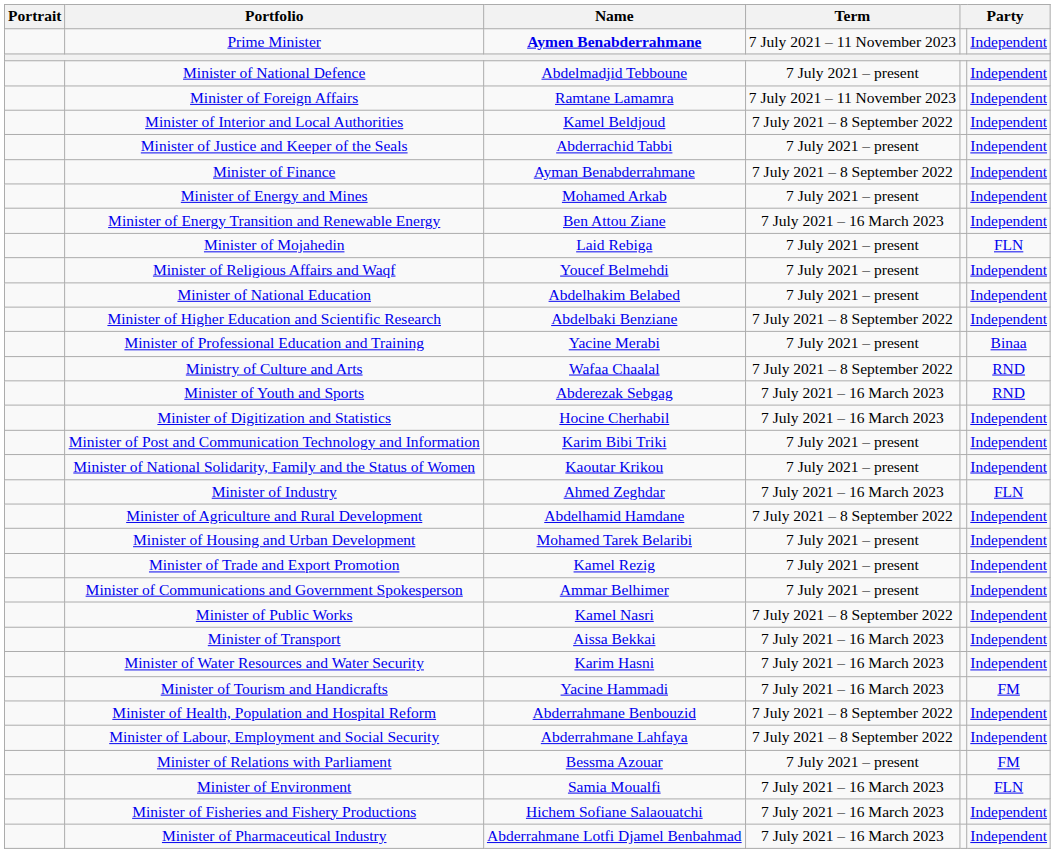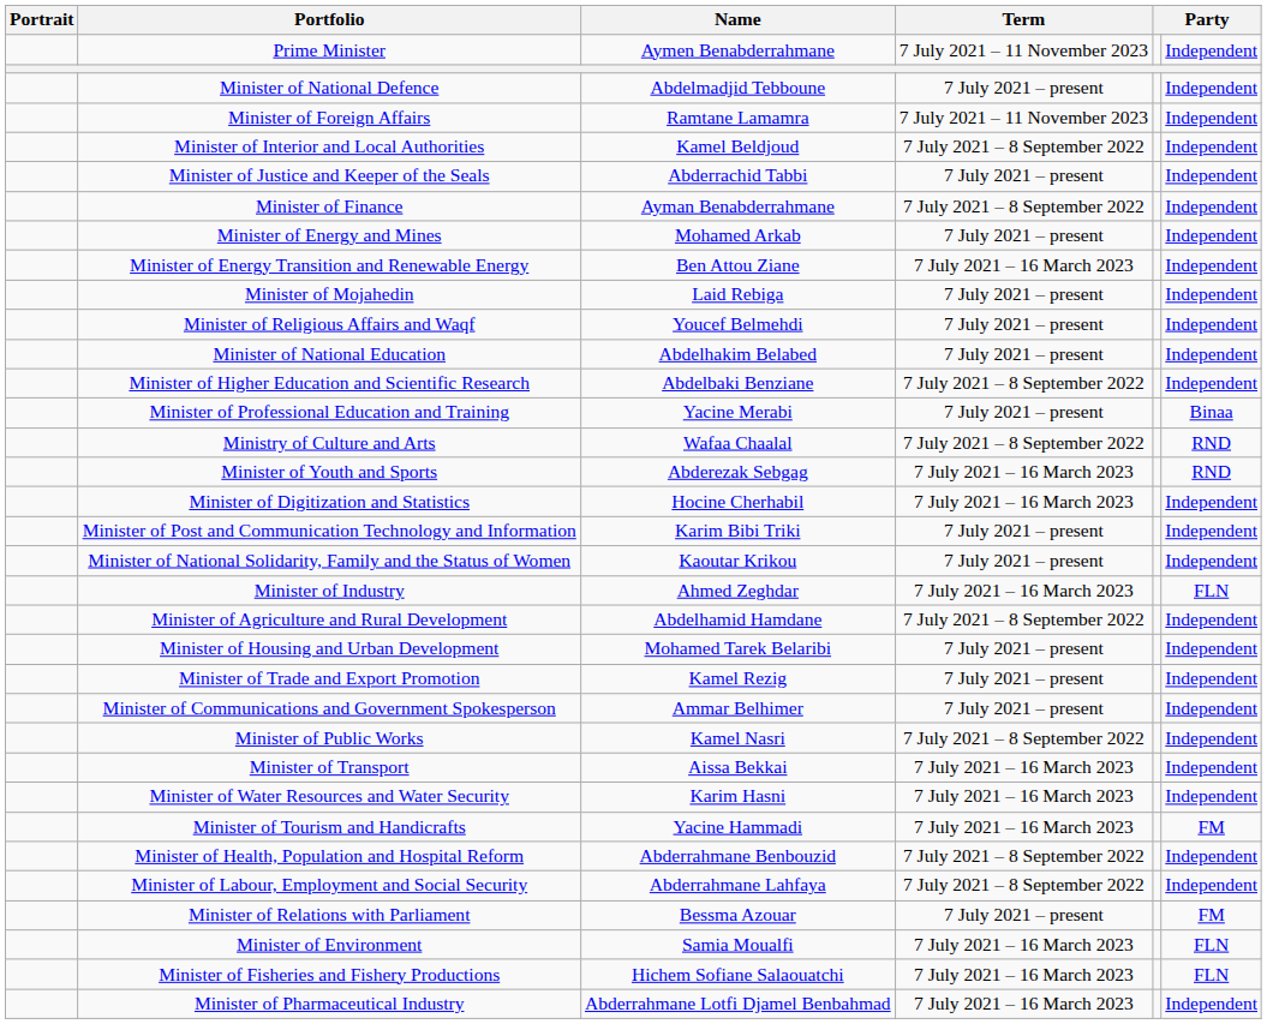 <table class="wikitable" style="text-align:center">
 <tr>
 <th>Portrait</th>
 <th>Portfolio</th>
 <th>Name</th>
 <th>Term</th>
 <th colspan="2">Party</th>
 </tr>
 <tr>
 <td></td>
 <td><a href='#'>Prime Minister</a></td>
-<td><strong><a href='#'>Aymen Benabderrahmane</a></strong></td>
+<td><a href='#'>Aymen Benabderrahmane</a></td>
 <td>7 July 2021 – 11 November 2023</td>
 <td></td>
 <td><a href='#'>Independent</a></td>
 </tr>
 <tr>
 <th colspan="6"></th>
 </tr>
 <tr>
 <td></td>
 <td><a href='#'>Minister of National Defence</a></td>
 <td><a href='#'>Abdelmadjid Tebboune</a></td>
 <td>7 July 2021 – present</td>
 <td></td>
 <td><a href='#'>Independent</a></td>
 </tr>
 <tr>
 <td></td>
 <td><a href='#'>Minister of Foreign Affairs</a></td>
 <td><a href='#'>Ramtane Lamamra</a></td>
 <td>7 July 2021 – 11 November 2023</td>
 <td></td>
 <td><a href='#'>Independent</a></td>
 </tr>
 <tr>
 <td></td>
 <td><a href='#'>Minister of Interior and Local Authorities</a></td>
 <td><a href='#'>Kamel Beldjoud</a></td>
 <td>7 July 2021 – 8 September 2022</td>
 <td></td>
 <td><a href='#'>Independent</a></td>
 </tr>
 <tr>
 <td></td>
 <td><a href='#'>Minister of Justice and Keeper of the Seals</a></td>
 <td><a href='#'>Abderrachid Tabbi</a></td>
 <td>7 July 2021 – present</td>
 <td></td>
 <td><a href='#'>Independent</a></td>
 </tr>
 <tr>
 <td></td>
 <td><a href='#'>Minister of Finance</a></td>
 <td><a href='#'>Ayman Benabderrahmane</a></td>
 <td>7 July 2021 – 8 September 2022</td>
 <td></td>
 <td><a href='#'>Independent</a></td>
 </tr>
 <tr>
 <td></td>
 <td><a href='#'>Minister of Energy and Mines</a></td>
 <td><a href='#'>Mohamed Arkab</a></td>
 <td>7 July 2021 – present</td>
 <td></td>
 <td><a href='#'>Independent</a></td>
 </tr>
 <tr>
 <td></td>
 <td><a href='#'>Minister of Energy Transition and Renewable Energy</a></td>
 <td><a href='#'>Ben Attou Ziane</a></td>
 <td>7 July 2021 – 16 March 2023</td>
 <td></td>
 <td><a href='#'>Independent</a></td>
 </tr>
 <tr>
 <td></td>
 <td><a href='#'>Minister of Mojahedin</a></td>
 <td><a href='#'>Laid Rebiga</a></td>
 <td>7 July 2021 – present</td>
 <td></td>
-<td><a href='#'>FLN</a></td>
+<td><a href='#'>Independent</a></td>
 </tr>
 <tr>
 <td></td>
 <td><a href='#'>Minister of Religious Affairs and Waqf</a></td>
 <td><a href='#'>Youcef Belmehdi</a></td>
 <td>7 July 2021 – present</td>
 <td></td>
 <td><a href='#'>Independent</a></td>
 </tr>
 <tr>
 <td></td>
 <td><a href='#'>Minister of National Education</a></td>
 <td><a href='#'>Abdelhakim Belabed</a></td>
 <td>7 July 2021 – present</td>
 <td></td>
 <td><a href='#'>Independent</a></td>
 </tr>
 <tr>
 <td></td>
 <td><a href='#'>Minister of Higher Education and Scientific Research</a></td>
 <td><a href='#'>Abdelbaki Benziane</a></td>
 <td>7 July 2021 – 8 September 2022</td>
 <td></td>
 <td><a href='#'>Independent</a></td>
 </tr>
 <tr>
 <td></td>
 <td><a href='#'>Minister of Professional Education and Training</a></td>
 <td><a href='#'>Yacine Merabi</a></td>
 <td>7 July 2021 – present</td>
 <td></td>
 <td><a href='#'>Binaa</a></td>
 </tr>
 <tr>
 <td></td>
 <td><a href='#'>Ministry of Culture and Arts</a></td>
 <td><a href='#'>Wafaa Chaalal</a></td>
 <td>7 July 2021 – 8 September 2022</td>
 <td></td>
 <td><a href='#'>RND</a></td>
 </tr>
 <tr>
 <td></td>
 <td><a href='#'>Minister of Youth and Sports</a></td>
 <td><a href='#'>Abderezak Sebgag</a></td>
 <td>7 July 2021 – 16 March 2023</td>
 <td></td>
 <td><a href='#'>RND</a></td>
 </tr>
 <tr>
 <td></td>
 <td><a href='#'>Minister of Digitization and Statistics</a></td>
 <td><a href='#'>Hocine Cherhabil</a></td>
 <td>7 July 2021 – 16 March 2023</td>
 <td></td>
 <td><a href='#'>Independent</a></td>
 </tr>
 <tr>
 <td></td>
 <td><a href='#'>Minister of Post and Communication Technology and Information</a></td>
 <td><a href='#'>Karim Bibi Triki</a></td>
 <td>7 July 2021 – present</td>
 <td></td>
 <td><a href='#'>Independent</a></td>
 </tr>
 <tr>
 <td></td>
 <td><a href='#'>Minister of National Solidarity, Family and the Status of Women</a></td>
 <td><a href='#'>Kaoutar Krikou</a></td>
 <td>7 July 2021 – present</td>
 <td></td>
 <td><a href='#'>Independent</a></td>
 </tr>
 <tr>
 <td></td>
 <td><a href='#'>Minister of Industry</a></td>
 <td><a href='#'>Ahmed Zeghdar</a></td>
 <td>7 July 2021 – 16 March 2023<br></td>
 <td></td>
 <td><a href='#'>FLN</a></td>
 </tr>
 <tr>
 <td></td>
 <td><a href='#'>Minister of Agriculture and Rural Development</a></td>
 <td><a href='#'>Abdelhamid Hamdane</a></td>
 <td>7 July 2021 – 8 September 2022</td>
 <td></td>
 <td><a href='#'>Independent</a></td>
 </tr>
 <tr>
 <td></td>
 <td><a href='#'>Minister of Housing and Urban Development</a></td>
 <td><a href='#'>Mohamed Tarek Belaribi</a></td>
 <td>7 July 2021 – present</td>
 <td></td>
 <td><a href='#'>Independent</a></td>
 </tr>
 <tr>
 <td></td>
 <td><a href='#'>Minister of Trade and Export Promotion</a></td>
 <td><a href='#'>Kamel Rezig</a></td>
 <td>7 July 2021 – present</td>
 <td></td>
 <td><a href='#'>Independent</a></td>
 </tr>
 <tr>
 <td></td>
 <td><a href='#'>Minister of Communications and Government Spokesperson</a></td>
 <td><a href='#'>Ammar Belhimer</a></td>
 <td>7 July 2021 – present</td>
 <td></td>
 <td><a href='#'>Independent</a></td>
 </tr>
 <tr>
 <td></td>
 <td><a href='#'>Minister of Public Works</a></td>
 <td><a href='#'>Kamel Nasri</a></td>
 <td>7 July 2021 – 8 September 2022</td>
 <td></td>
 <td><a href='#'>Independent</a></td>
 </tr>
 <tr>
 <td></td>
 <td><a href='#'>Minister of Transport</a></td>
 <td><a href='#'>Aissa Bekkai</a></td>
 <td>7 July 2021 – 16 March 2023</td>
 <td></td>
 <td><a href='#'>Independent</a></td>
 </tr>
 <tr>
 <td></td>
 <td><a href='#'>Minister of Water Resources and Water Security</a></td>
 <td><a href='#'>Karim Hasni</a></td>
 <td>7 July 2021 – 16 March 2023</td>
 <td></td>
 <td><a href='#'>Independent</a></td>
 </tr>
 <tr>
 <td></td>
 <td><a href='#'>Minister of Tourism and Handicrafts</a></td>
 <td><a href='#'>Yacine Hammadi</a></td>
 <td>7 July 2021 – 16 March 2023</td>
 <td></td>
 <td><a href='#'>FM</a></td>
 </tr>
 <tr>
 <td></td>
 <td><a href='#'>Minister of Health, Population and Hospital Reform</a></td>
 <td><a href='#'>Abderrahmane Benbouzid</a></td>
 <td>7 July 2021 – 8 September 2022</td>
 <td></td>
 <td><a href='#'>Independent</a></td>
 </tr>
 <tr>
 <td></td>
 <td><a href='#'>Minister of Labour, Employment and Social Security</a></td>
 <td><a href='#'>Abderrahmane Lahfaya</a></td>
 <td>7 July 2021 – 8 September 2022</td>
 <td></td>
 <td><a href='#'>Independent</a></td>
 </tr>
 <tr>
 <td></td>
 <td><a href='#'>Minister of Relations with Parliament</a></td>
 <td><a href='#'>Bessma Azouar</a></td>
 <td>7 July 2021 – present</td>
 <td></td>
 <td><a href='#'>FM</a></td>
 </tr>
 <tr>
 <td></td>
 <td><a href='#'>Minister of Environment</a></td>
 <td><a href='#'>Samia Moualfi</a></td>
 <td>7 July 2021 – 16 March 2023</td>
 <td></td>
 <td><a href='#'>FLN</a></td>
 </tr>
 <tr>
 <td></td>
 <td><a href='#'>Minister of Fisheries and Fishery Productions</a></td>
 <td><a href='#'>Hichem Sofiane Salaouatchi</a></td>
 <td>7 July 2021 – 16 March 2023</td>
 <td></td>
-<td><a href='#'>Independent</a></td>
+<td><a href='#'>FLN</a></td>
 </tr>
 <tr>
 <td></td>
 <td><a href='#'>Minister of Pharmaceutical Industry</a></td>
 <td><a href='#'>Abderrahmane Lotfi Djamel Benbahmad</a></td>
 <td>7 July 2021 – 16 March 2023</td>
 <td></td>
 <td><a href='#'>Independent</a></td>
 </tr>
 </table>
